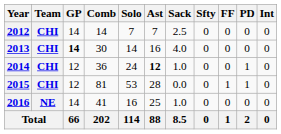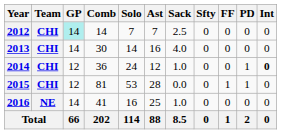 <table class="wikitable" style="text-align:center">
 <tr>
 <th>Year</th>
 <th>Team</th>
 <th>GP</th>
 <th>Comb</th>
 <th>Solo</th>
 <th>Ast</th>
 <th>Sack</th>
 <th>Sfty</th>
 <th>FF</th>
 <th>PD</th>
 <th>Int</th>
 </tr>
 <tr>
 <th><a href='#'>2012</a></th>
 <th><a href='#'>CHI</a></th>
-<td>14</td>
+<td style="background: paleturquoise;">14</td>
 <td>14</td>
 <td>7</td>
 <td>7</td>
 <td>2.5</td>
 <td>0</td>
 <td>0</td>
 <td>0</td>
 <td>0</td>
 </tr>
 <tr>
 <th><a href='#'>2013</a></th>
 <th><a href='#'>CHI</a></th>
-<td><strong>14</strong></td>
+<td>14</td>
 <td>30</td>
 <td>14</td>
 <td>16</td>
 <td>4.0</td>
 <td>0</td>
 <td>0</td>
 <td>0</td>
 <td>0</td>
 </tr>
 <tr>
 <th><a href='#'>2014</a></th>
 <th><a href='#'>CHI</a></th>
 <td>12</td>
 <td>36</td>
 <td>24</td>
-<td><strong>12</strong></td>
+<td>12</td>
 <td>1.0</td>
 <td>0</td>
 <td>0</td>
 <td>1</td>
-<td>0</td>
+<td><strong>0</strong></td>
 </tr>
 <tr>
 <th><a href='#'>2015</a></th>
 <th><a href='#'>CHI</a></th>
 <td>12</td>
 <td>81</td>
 <td>53</td>
 <td>28</td>
 <td>0.0</td>
 <td>0</td>
 <td>1</td>
 <td>1</td>
 <td>0</td>
 </tr>
 <tr>
 <th><a href='#'>2016</a></th>
 <th><a href='#'>NE</a></th>
 <td>14</td>
 <td>41</td>
 <td>16</td>
 <td>25</td>
 <td>1.0</td>
 <td>0</td>
 <td>0</td>
 <td>0</td>
 <td>0</td>
 </tr>
 <tr>
 <th colspan="2">Total</th>
 <th>66</th>
 <th>202</th>
 <th>114</th>
 <th>88</th>
 <th>8.5</th>
 <th>0</th>
 <th>1</th>
 <th>2</th>
 <th>0</th>
 </tr>
 </table>
